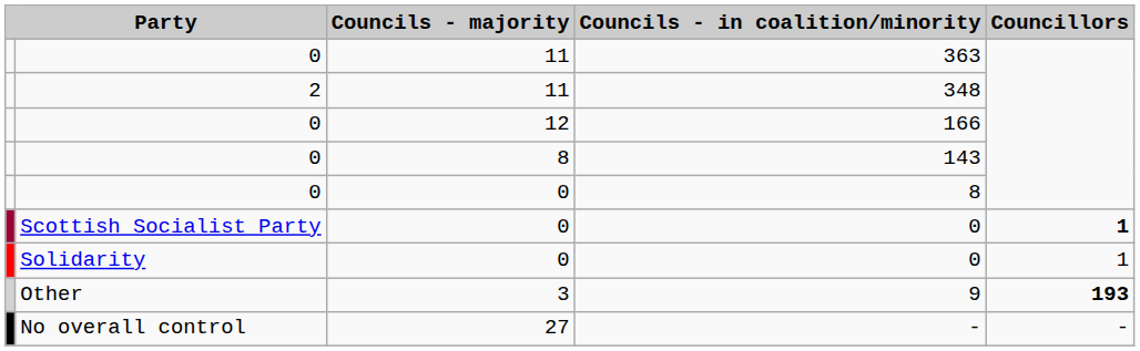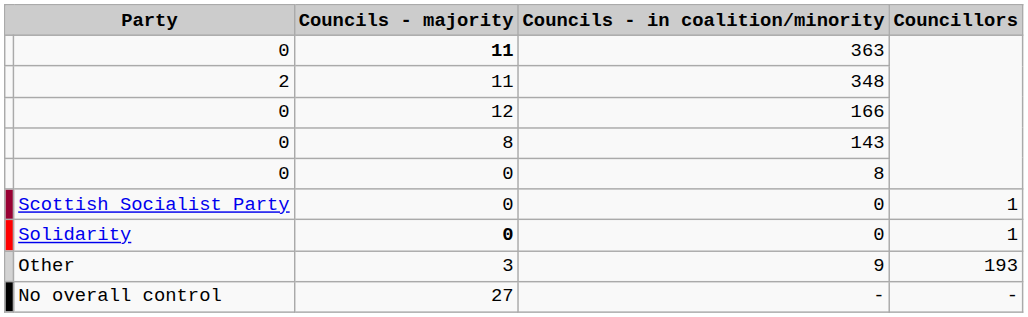 <table class="wikitable">
 <tr bgcolor="CCCCCC">
 <td colspan="2" align="center" valign="center"><strong>Party</strong></td>
 <td align="center"><strong>Councils - majority</strong></td>
 <td align="center"><strong>Councils - in coalition/minority</strong></td>
 <td align="center"><strong>Councillors</strong></td>
 </tr>
 <tr>
 <td></td>
 <td align="right">0</td>
-<td align="right">11</td>
+<td align="right"><strong>11</strong></td>
 <td align="right">363</td>
 </tr>
 <tr>
 <td></td>
 <td align="right">2</td>
 <td align="right">11</td>
 <td align="right">348</td>
 </tr>
 <tr>
 <td></td>
 <td align="right">0</td>
 <td align="right">12</td>
 <td align="right">166</td>
 </tr>
 <tr>
 <td></td>
 <td align="right">0</td>
 <td align="right">8</td>
 <td align="right">143</td>
 </tr>
 <tr>
 <td></td>
 <td align="right">0</td>
 <td align="right">0</td>
 <td align="right">8</td>
 </tr>
 <tr>
 <td style="color:inherit;background:#990033"></td>
 <td><a href='#'>Scottish Socialist Party</a></td>
 <td align="right">0</td>
 <td align="right">0</td>
-<td align="right"><strong>1</strong></td>
+<td align="right">1</td>
 </tr>
 <tr>
 <td style="color:inherit;background:#ff0000"></td>
 <td><a href='#'>Solidarity</a></td>
-<td align="right">0</td>
+<td align="right"><strong>0</strong></td>
 <td align="right">0</td>
 <td align="right">1</td>
 </tr>
 <tr>
 <td style="color:inherit;background:#d3d3d3"></td>
 <td>Other</td>
 <td align="right">3</td>
 <td align="right">9</td>
-<td align="right"><strong>193</strong></td>
+<td align="right">193</td>
 </tr>
 <tr>
 <td style="color:inherit;background:#000000"></td>
 <td>No overall control</td>
 <td align="right">27</td>
 <td align="right">-</td>
 <td align="right">-</td>
 </tr>
 </table>
